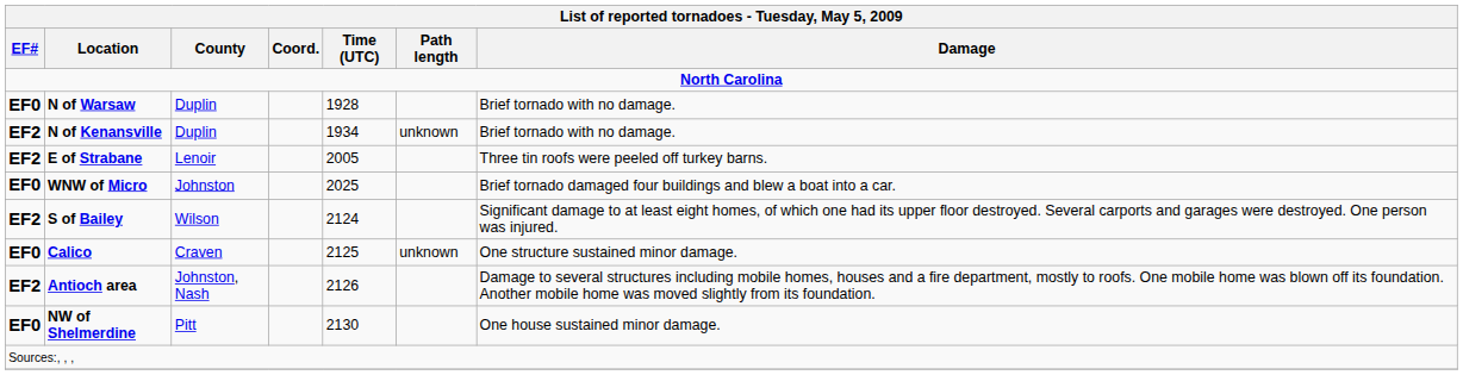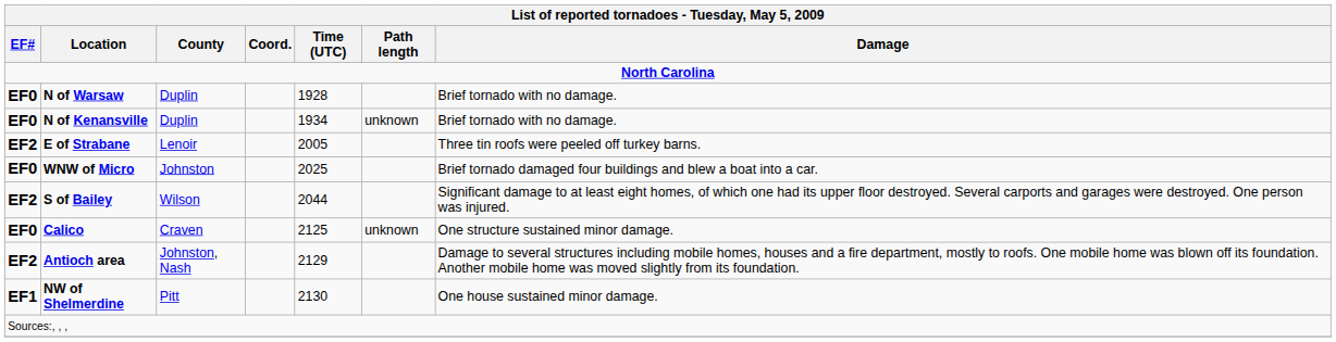 <table class="wikitable collapsible" width="100%">
 <tr>
 <th colspan="7">List of reported tornadoes - Tuesday, May 5, 2009</th>
 </tr>
 <tr>
 <th><a href='#'>EF#</a></th>
 <th>Location</th>
 <th>County</th>
 <th>Coord.</th>
 <th>Time (UTC)</th>
 <th>Path length</th>
 <th>Damage</th>
 </tr>
 <tr>
 <td colspan="7" align=center><strong><a href='#'>North Carolina</a></strong></td>
 </tr>
 <tr>
 <td><big><strong>EF0</strong></big></td>
 <td><strong>N of <a href='#'>Warsaw</a></strong></td>
 <td><a href='#'>Duplin</a></td>
 <td></td>
 <td>1928</td>
 <td></td>
 <td>Brief tornado with no damage.</td>
 </tr>
 <tr>
-<td><big><strong>EF2</strong></big></td>
+<td><big><strong>EF0</strong></big></td>
 <td><strong>N of <a href='#'>Kenansville</a></strong></td>
 <td><a href='#'>Duplin</a></td>
 <td></td>
 <td>1934</td>
 <td>unknown</td>
 <td>Brief tornado with no damage.</td>
 </tr>
 <tr>
 <td><big><strong>EF2</strong></big></td>
 <td><strong>E of <a href='#'>Strabane</a></strong></td>
 <td><a href='#'>Lenoir</a></td>
 <td></td>
 <td>2005</td>
 <td></td>
 <td>Three tin roofs were peeled off turkey barns.</td>
 </tr>
 <tr>
 <td><big><strong>EF0</strong></big></td>
 <td><strong>WNW of <a href='#'>Micro</a></strong></td>
 <td><a href='#'>Johnston</a></td>
 <td></td>
 <td>2025</td>
 <td></td>
 <td>Brief tornado damaged four buildings and blew a boat into a car.</td>
 </tr>
 <tr>
 <td><big><strong>EF2</strong></big></td>
 <td><strong>S of <a href='#'>Bailey</a></strong></td>
 <td><a href='#'>Wilson</a></td>
 <td></td>
-<td>2124</td>
+<td>2044</td>
 <td></td>
 <td>Significant damage to at least eight homes, of which one had its upper floor destroyed. Several carports and garages were destroyed. One person was injured.</td>
 </tr>
 <tr>
 <td><big><strong>EF0</strong></big></td>
 <td><strong><a href='#'>Calico</a></strong></td>
 <td><a href='#'>Craven</a></td>
 <td></td>
 <td>2125</td>
 <td>unknown</td>
 <td>One structure sustained minor damage.</td>
 </tr>
 <tr>
 <td><big><strong>EF2</strong></big></td>
 <td><strong><a href='#'>Antioch</a> area</strong></td>
 <td><a href='#'>Johnston</a>, <a href='#'>Nash</a></td>
 <td></td>
-<td>2126</td>
+<td>2129</td>
 <td></td>
 <td>Damage to several structures including mobile homes, houses and a fire department, mostly to roofs. One mobile home was blown off its foundation. Another mobile home was moved slightly from its foundation.</td>
 </tr>
 <tr>
-<td><big><strong>EF0</strong></big></td>
+<td><big><strong>EF1</strong></big></td>
 <td><strong>NW of <a href='#'>Shelmerdine</a></strong></td>
 <td><a href='#'>Pitt</a></td>
 <td></td>
 <td>2130</td>
 <td></td>
 <td>One house sustained minor damage.</td>
 </tr>
 <tr>
 <td colspan="7"><small>Sources:, , , </small></td>
 </tr>
 <tr>
 </tr>
 </table>
